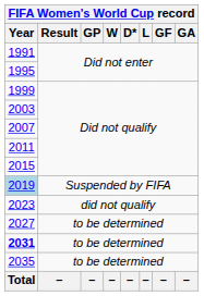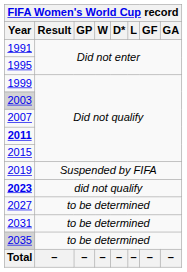 <table class="wikitable" style="text-align: center">
 <tr>
 <th colspan=8><a href='#'>FIFA Women's World Cup</a> record</th>
 </tr>
 <tr>
 <th>Year</th>
 <th>Result</th>
 <th>GP</th>
 <th>W</th>
 <th>D*</th>
 <th>L</th>
 <th>GF</th>
 <th>GA</th>
 </tr>
 <tr>
 <td> <a href='#'>1991</a></td>
 <td colspan=7 rowspan=2><em>Did not enter</em></td>
 </tr>
 <tr>
 <td> <a href='#'>1995</a></td>
 </tr>
 <tr>
 <td> <a href='#'>1999</a></td>
 <td colspan=7 rowspan=5><em>Did not qualify</em></td>
 </tr>
 <tr>
-<td> <a href='#'>2003</a></td>
+<td style="background: lightgrey;"> <a href='#'>2003</a></td>
 </tr>
 <tr>
 <td> <a href='#'>2007</a></td>
 </tr>
 <tr>
-<td> <a href='#'>2011</a></td>
+<td><strong> <a href='#'>2011</a></strong></td>
 </tr>
 <tr>
 <td> <a href='#'>2015</a></td>
 </tr>
 <tr>
-<td style="background: lightblue;"> <a href='#'>2019</a></td>
+<td> <a href='#'>2019</a></td>
 <td colspan=7><em>Suspended by FIFA</em></td>
 </tr>
 <tr>
-<td>  <a href='#'>2023</a></td>
+<td><strong>  <a href='#'>2023</a></strong></td>
 <td colspan=7><em>did not qualify</em></td>
 </tr>
 <tr>
 <td> <a href='#'>2027</a></td>
 <td colspan=7><em>to be determined</em></td>
 </tr>
 <tr>
-<td><strong> <a href='#'>2031</a></strong></td>
+<td> <a href='#'>2031</a></td>
 <td colspan=7><em>to be determined</em></td>
 </tr>
 <tr>
-<td> <a href='#'>2035</a></td>
+<td style="background: lightgrey;"> <a href='#'>2035</a></td>
 <td colspan=7><em>to be determined</em></td>
 </tr>
 <tr>
 <th>Total</th>
 <th>–</th>
 <th>–</th>
 <th>–</th>
 <th>–</th>
 <th>–</th>
 <th>–</th>
 <th>–</th>
 </tr>
 </table>
